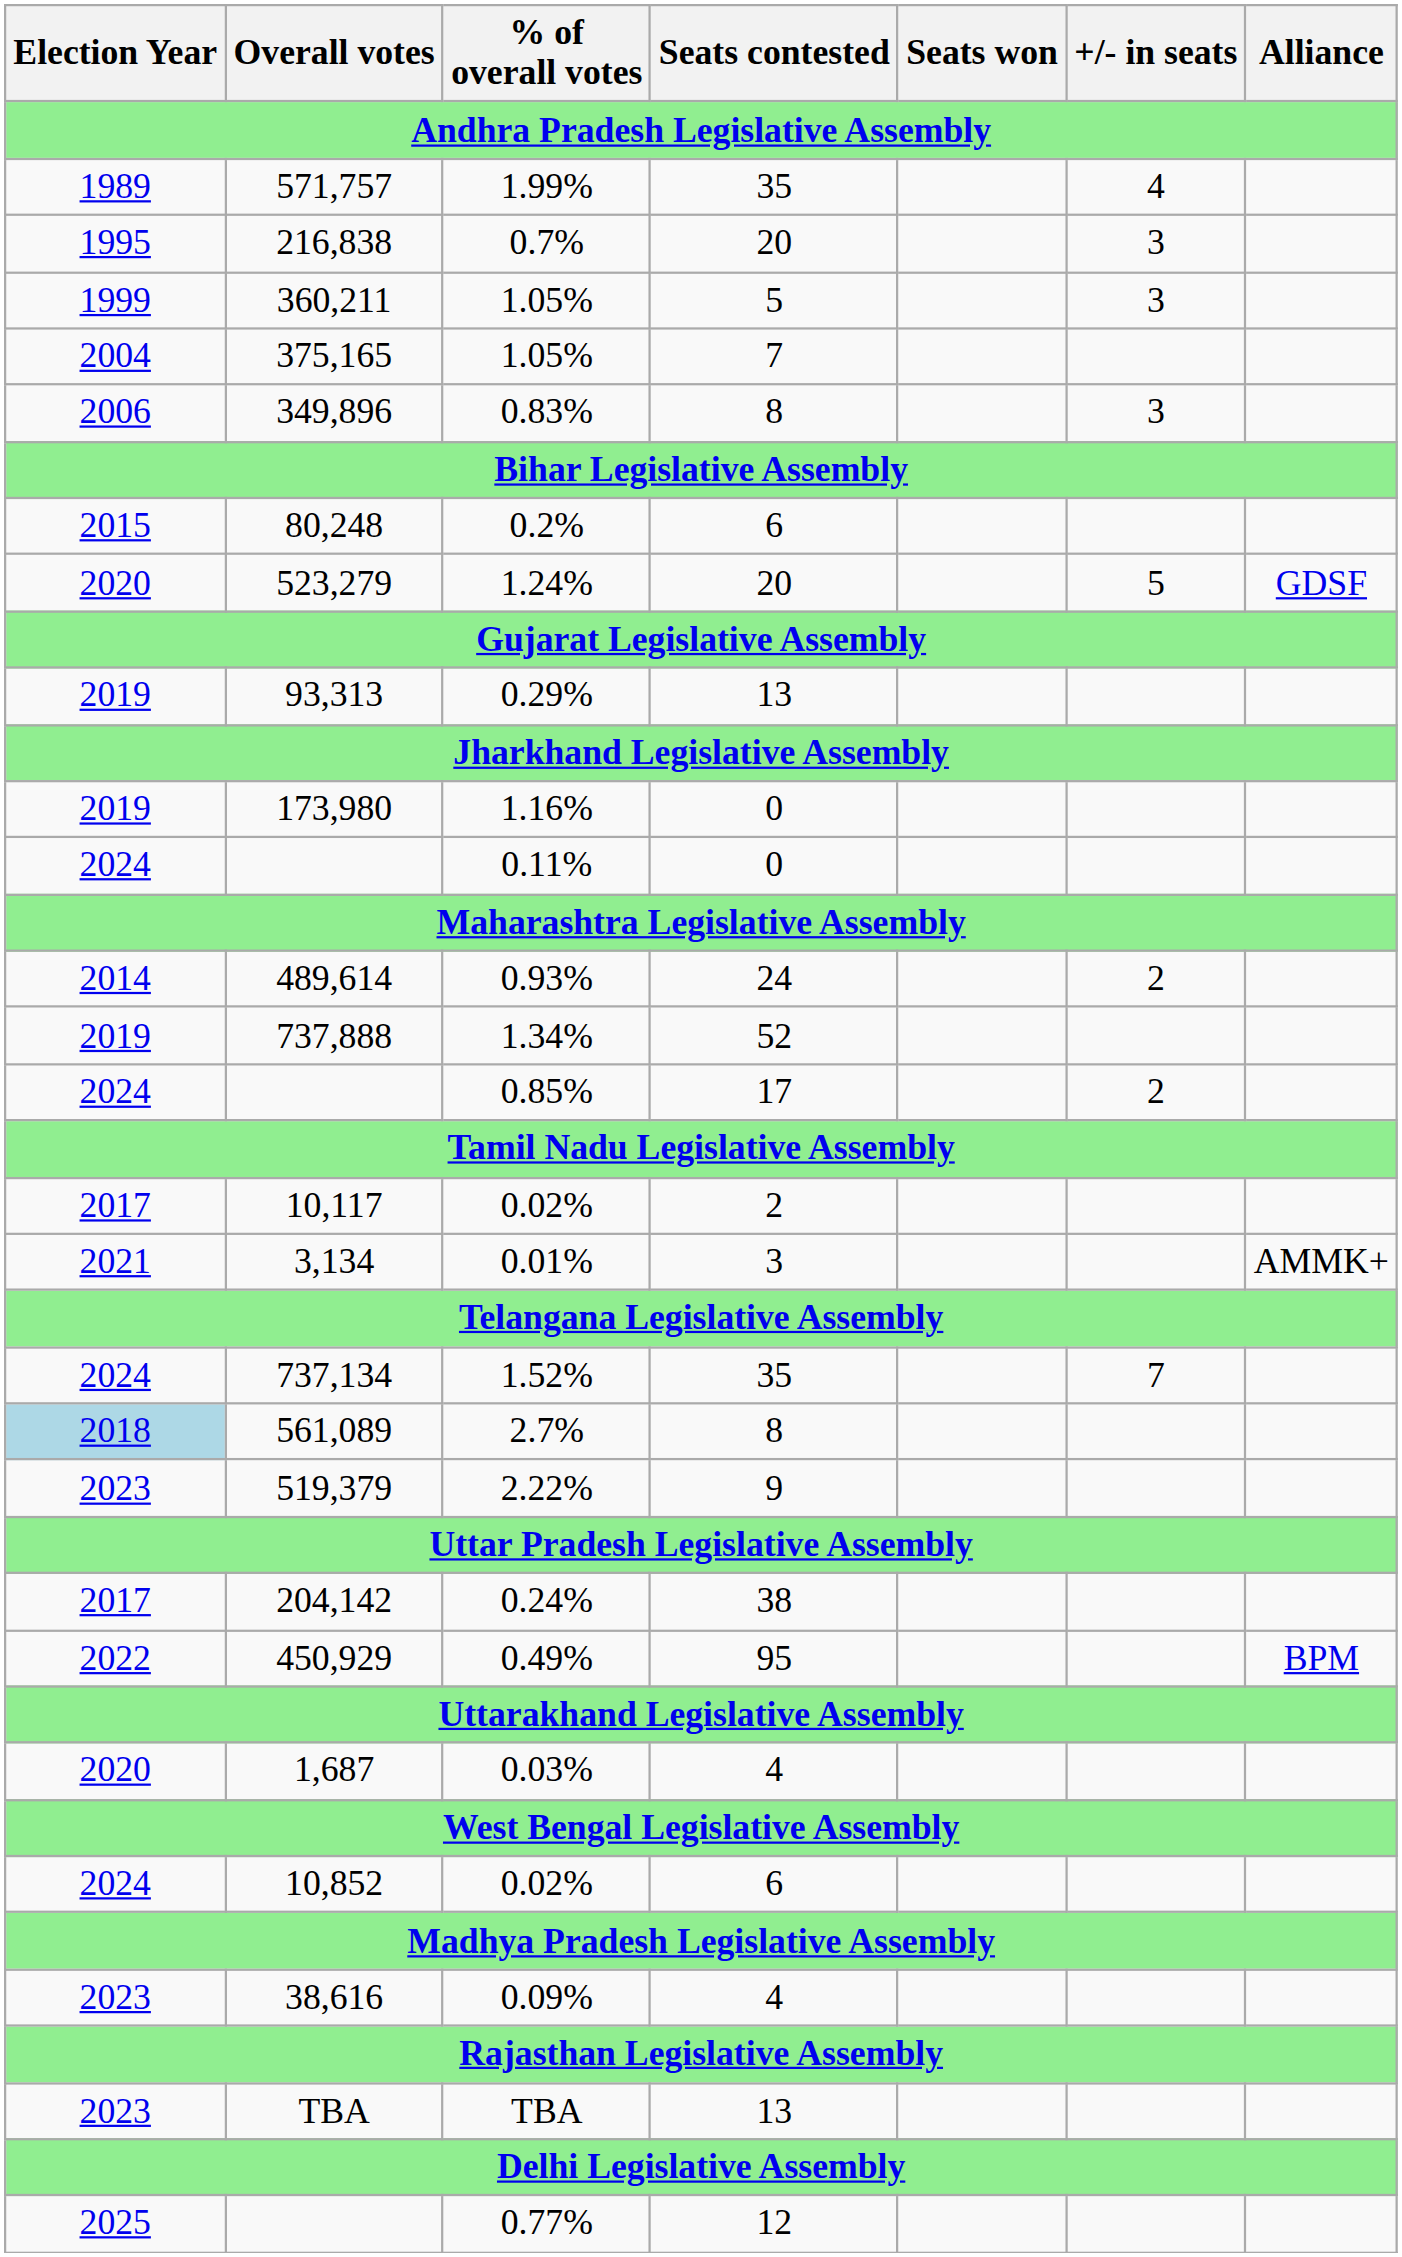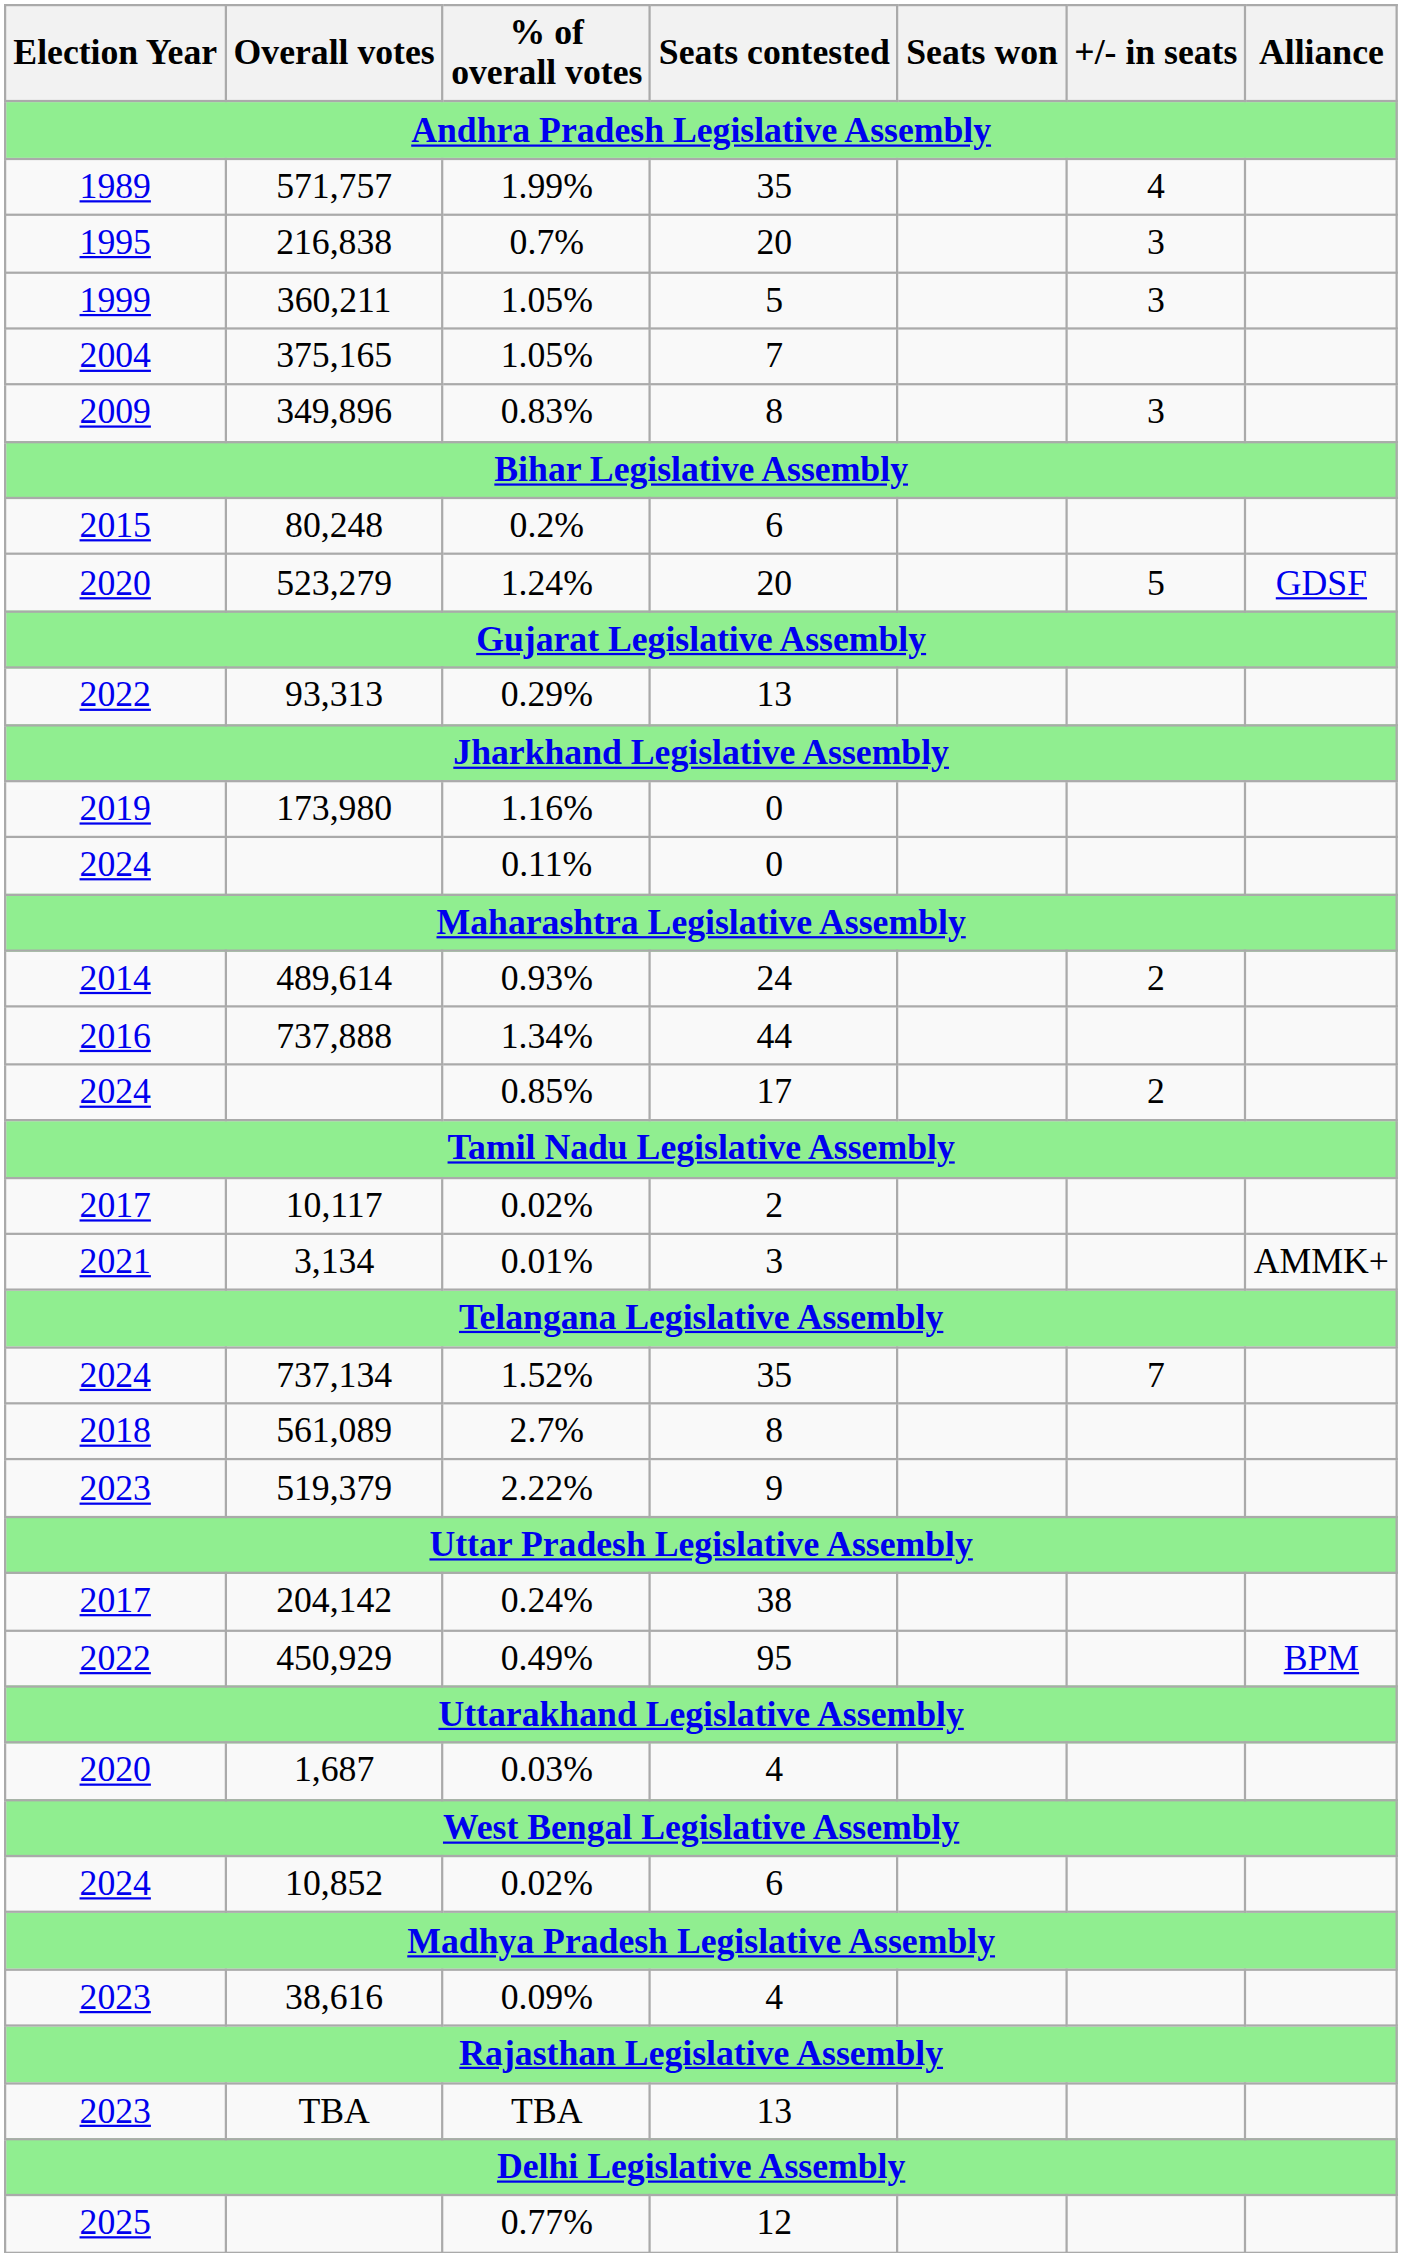 <table class="wikitable" style="text-align:center">
 <tr>
 <th Style="background-color:">Election Year</th>
 <th Style="background-color:">Overall votes</th>
 <th ! Style="background-color:">% of <br>overall votes</th>
 <th Style="background-color:">Seats contested</th>
 <th Style="background-color:">Seats won</th>
 <th Style="background-color:">+/- in seats</th>
 <th Style="background-color:">Alliance</th>
 </tr>
 <tr>
 <th Style="background-color:lightgreen;color:white"! colspan="7"><a href='#'>Andhra Pradesh Legislative Assembly</a></th>
 </tr>
 <tr>
 <td><a href='#'>1989</a><br></td>
 <td>571,757</td>
 <td>1.99%</td>
 <td>35</td>
 <td></td>
 <td> 4</td>
 <td></td>
 </tr>
 <tr>
 <td><a href='#'>1995</a></td>
 <td>216,838</td>
 <td>0.7%</td>
 <td>20</td>
 <td></td>
 <td> 3</td>
 <td></td>
 </tr>
 <tr>
 <td><a href='#'>1999</a></td>
 <td>360,211</td>
 <td>1.05%</td>
 <td>5</td>
 <td></td>
 <td> 3</td>
 <td></td>
 </tr>
 <tr>
 <td><a href='#'>2004</a></td>
 <td>375,165</td>
 <td>1.05%</td>
 <td>7</td>
 <td></td>
 <td></td>
 <td></td>
 </tr>
 <tr>
-<td><a href='#'>2006</a></td>
+<td><a href='#'>2009</a></td>
 <td>349,896</td>
 <td>0.83%</td>
 <td>8</td>
 <td></td>
 <td> 3</td>
 <td></td>
 </tr>
 <tr>
 <th Style="background-color:lightgreen;color:white"! colspan="7"><a href='#'>Bihar Legislative Assembly</a></th>
 </tr>
 <tr>
 <td><a href='#'>2015</a><br></td>
 <td>80,248</td>
 <td>0.2%</td>
 <td>6</td>
 <td></td>
 <td></td>
 <td></td>
 </tr>
 <tr>
 <td><a href='#'>2020</a></td>
 <td>523,279</td>
 <td>1.24%</td>
 <td>20</td>
 <td></td>
 <td> 5</td>
 <td><a href='#'>GDSF</a></td>
 </tr>
 <tr>
 <th Style="background-color:lightgreen;color:white"! colspan="7"><a href='#'>Gujarat Legislative Assembly</a></th>
 </tr>
 <tr>
-<td><a href='#'>2019</a><br></td>
+<td><a href='#'>2022</a><br></td>
 <td>93,313</td>
 <td>0.29%</td>
 <td>13</td>
 <td></td>
 <td></td>
 <td></td>
 </tr>
 <tr>
 <th Style="background-color:lightgreen;color:white"! colspan="7"><a href='#'>Jharkhand Legislative Assembly</a></th>
 </tr>
 <tr>
 <td><a href='#'>2019</a><br></td>
 <td>173,980</td>
 <td>1.16%</td>
 <td>0</td>
 <td></td>
 <td></td>
 <td></td>
 </tr>
 <tr>
 <td><a href='#'>2024</a></td>
 <td></td>
 <td>0.11%</td>
 <td>0</td>
 <td></td>
 <td></td>
 <td></td>
 </tr>
 <tr>
 <th Style="background-color:lightgreen;color:white"! colspan="7"><a href='#'>Maharashtra Legislative Assembly</a></th>
 </tr>
 <tr>
 <td><a href='#'>2014</a><br></td>
 <td>489,614</td>
 <td>0.93%</td>
 <td>24</td>
 <td></td>
 <td> 2</td>
 <td></td>
 </tr>
 <tr>
-<td><a href='#'>2019</a></td>
+<td><a href='#'>2016</a></td>
 <td>737,888</td>
 <td>1.34%</td>
-<td>52</td>
+<td>44</td>
 <td></td>
 <td></td>
 <td></td>
 </tr>
 <tr>
 <td><a href='#'>2024</a></td>
 <td></td>
 <td>0.85%</td>
 <td>17</td>
 <td></td>
 <td> 2</td>
 <td></td>
 </tr>
 <tr>
 <th Style="background-color:lightgreen;color:white"! colspan="7"><a href='#'>Tamil Nadu Legislative Assembly </a></th>
 </tr>
 <tr>
 <td><a href='#'>2017</a><br></td>
 <td>10,117</td>
 <td>0.02%</td>
 <td>2</td>
 <td></td>
 <td></td>
 <td></td>
 </tr>
 <tr>
 <td><a href='#'>2021</a></td>
 <td>3,134</td>
 <td>0.01%</td>
 <td>3</td>
 <td></td>
 <td></td>
 <td>AMMK+</td>
 </tr>
 <tr>
 <th Style="background-color:lightgreen;color:white"! colspan="7"><a href='#'>Telangana Legislative Assembly</a></th>
 </tr>
 <tr>
 <td><a href='#'>2024</a><br></td>
 <td>737,134</td>
 <td>1.52%</td>
 <td>35</td>
 <td></td>
 <td> 7</td>
 <td></td>
 </tr>
 <tr>
-<td style="background: lightblue;"><a href='#'>2018</a></td>
+<td><a href='#'>2018</a></td>
 <td>561,089</td>
 <td>2.7%</td>
 <td>8</td>
 <td></td>
 <td></td>
 <td></td>
 </tr>
 <tr>
 <td><a href='#'>2023</a></td>
 <td>519,379</td>
 <td>2.22%</td>
 <td>9</td>
 <td></td>
 <td></td>
 <td></td>
 </tr>
 <tr>
 <th Style="background-color:lightgreen;color:white"! colspan="7"><a href='#'>Uttar Pradesh Legislative Assembly</a></th>
 </tr>
 <tr>
 <td><a href='#'>2017</a><br></td>
 <td>204,142</td>
 <td>0.24%</td>
 <td>38</td>
 <td></td>
 <td></td>
 <td></td>
 </tr>
 <tr>
 <td><a href='#'>2022</a></td>
 <td>450,929</td>
 <td>0.49%</td>
 <td>95</td>
 <td></td>
 <td></td>
 <td><a href='#'>BPM</a></td>
 </tr>
 <tr>
 <th Style="background-color:lightgreen;color:white"! colspan="7"><a href='#'>Uttarakhand Legislative Assembly</a></th>
 </tr>
 <tr>
 <td><a href='#'>2020</a><br></td>
 <td>1,687</td>
 <td>0.03%</td>
 <td>4</td>
 <td></td>
 <td></td>
 <td></td>
 </tr>
 <tr>
 <th Style="background-color:lightgreen;color:white"! colspan="7"><a href='#'>West Bengal Legislative Assembly</a></th>
 </tr>
 <tr>
 <td><a href='#'>2024</a><br></td>
 <td>10,852</td>
 <td>0.02%</td>
 <td>6</td>
 <td></td>
 <td></td>
 <td></td>
 </tr>
 <tr>
 <th Style="background-color:lightgreen;color:white"! colspan="8"><a href='#'>Madhya Pradesh Legislative Assembly</a></th>
 </tr>
 <tr>
 <td><a href='#'>2023</a></td>
 <td>38,616</td>
 <td>0.09%</td>
 <td>4</td>
 <td></td>
 <td></td>
 <td></td>
 </tr>
 <tr>
 <th Style="background-color:lightgreen;color:white"! colspan="9"><a href='#'>Rajasthan Legislative Assembly</a></th>
 </tr>
 <tr>
 <td><a href='#'>2023</a></td>
 <td>TBA</td>
 <td>TBA</td>
 <td>13</td>
 <td></td>
 <td></td>
 <td></td>
 </tr>
 <tr>
 <th Style="background-color:lightgreen;color:white"! colspan="7"><a href='#'>Delhi Legislative Assembly</a></th>
 </tr>
 <tr>
 <td><a href='#'>2025</a><br></td>
 <td></td>
 <td>0.77%</td>
 <td>12</td>
 <td></td>
 <td></td>
 <td></td>
 </tr>
 <tr>
 </tr>
 </table>
